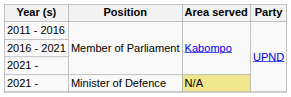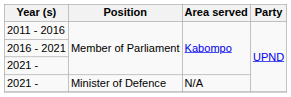 <table class="wikitable">
 <tr>
 <th>Year (s)</th>
 <th>Position</th>
 <th>Area served</th>
 <th>Party</th>
 </tr>
 <tr>
 <td>2011 - 2016</td>
 <td rowspan="3">Member of Parliament</td>
 <td rowspan="3"><a href='#'>Kabompo</a></td>
 <td rowspan="4"><a href='#'>UPND</a></td>
 </tr>
 <tr>
 <td>2016 - 2021</td>
 </tr>
 <tr>
 <td>2021 -</td>
 </tr>
 <tr>
 <td>2021 -</td>
 <td>Minister of Defence</td>
-<td style="background: khaki;">N/A</td>
+<td>N/A</td>
 </tr>
 <tr>
 </tr>
 </table>
